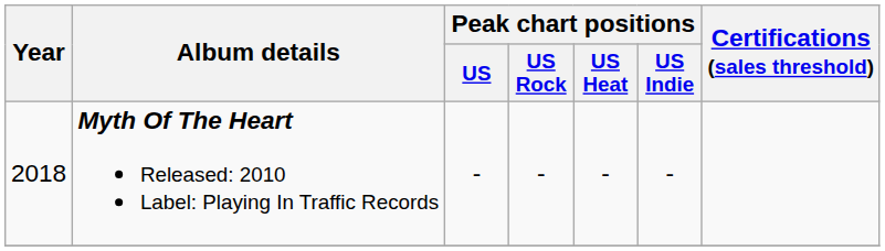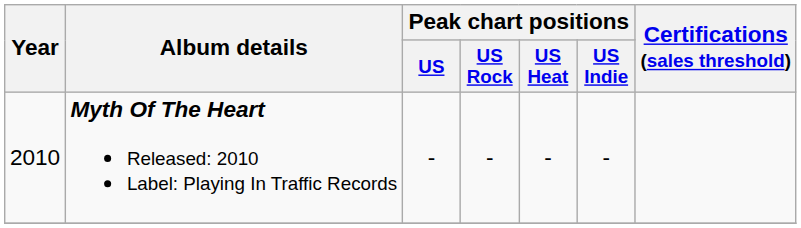 <table class="wikitable" style="text-align:center;">
 <tr>
 <th rowspan="2">Year</th>
 <th rowspan="2">Album details</th>
 <th colspan="4">Peak chart positions</th>
 <th rowspan="2"><a href='#'>Certifications</a><br><small>(<a href='#'>sales threshold</a>)</small></th>
 </tr>
 <tr style="font-size:smaller;">
 <th width="35"><a href='#'>US</a></th>
 <th width="35"><a href='#'>US Rock</a></th>
 <th width="35"><a href='#'>US Heat</a></th>
 <th width="35"><a href='#'>US Indie</a></th>
 </tr>
 <tr>
-<td>2018</td>
+<td>2010</td>
 <td align="left"><strong><em>Myth Of The Heart</em></strong><br><ul><li><small>Released: 2010</small></li><li><small>Label: Playing In Traffic Records</small></li></ul></td>
 <td>-</td>
 <td>-</td>
 <td>-</td>
 <td>-</td>
 <td></td>
 </tr>
 <tr>
 </tr>
 </table>
